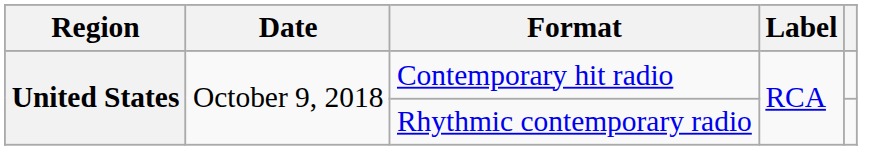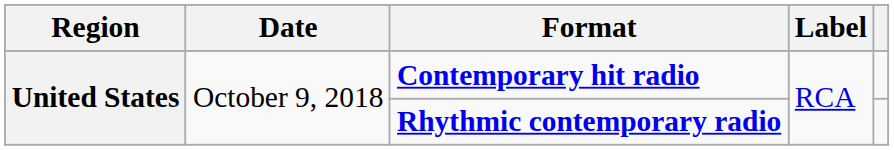 <table class="wikitable plainrowheaders">
 <tr>
 <th scope="col">Region</th>
 <th scope="col">Date</th>
 <th scope="col">Format</th>
 <th scope="col">Label</th>
 <th scope="col"></th>
 </tr>
 <tr>
 <th scope="row" rowspan="2">United States</th>
 <td rowspan="2">October 9, 2018</td>
-<td><a href='#'>Contemporary hit radio</a></td>
+<td><strong><a href='#'>Contemporary hit radio</a></strong></td>
 <td rowspan="2"><a href='#'>RCA</a></td>
 <td></td>
 </tr>
 <tr>
-<td><a href='#'>Rhythmic contemporary radio</a></td>
+<td><strong><a href='#'>Rhythmic contemporary radio</a></strong></td>
 <td></td>
 </tr>
 </table>
